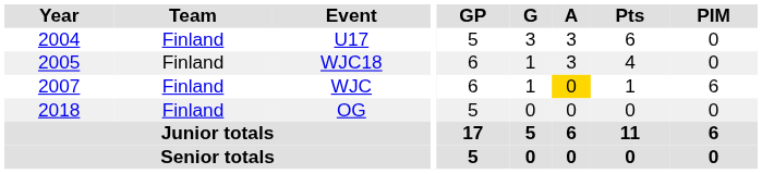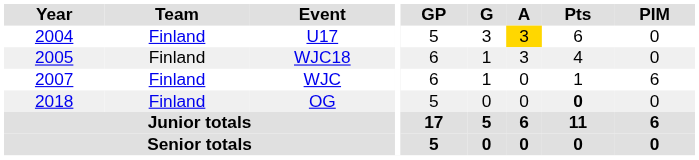 <table border="0" cellpadding="1" cellspacing="0" ID="Table3" style="text-align:center; width:40em">
 <tr ALIGN="center" bgcolor="#e0e0e0">
 <th>Year</th>
 <th>Team</th>
 <th>Event</th>
 <th rowspan="99" bgcolor="#ffffff"></th>
 <th>GP</th>
 <th>G</th>
 <th>A</th>
 <th>Pts</th>
 <th>PIM</th>
 </tr>
 <tr>
 <td><a href='#'>2004</a></td>
 <td><a href='#'>Finland</a></td>
 <td><a href='#'>U17</a></td>
 <td>5</td>
 <td>3</td>
-<td>3</td>
+<td style="background: gold;">3</td>
 <td>6</td>
 <td>0</td>
 </tr>
 <tr bgcolor="#f0f0f0">
 <td><a href='#'>2005</a></td>
 <td>Finland</td>
 <td><a href='#'>WJC18</a></td>
 <td>6</td>
 <td>1</td>
 <td>3</td>
 <td>4</td>
 <td>0</td>
 </tr>
 <tr>
 <td><a href='#'>2007</a></td>
 <td><a href='#'>Finland</a></td>
 <td><a href='#'>WJC</a></td>
 <td>6</td>
 <td>1</td>
-<td style="background: gold;">0</td>
+<td>0</td>
 <td>1</td>
 <td>6</td>
 </tr>
 <tr bgcolor="#f0f0f0">
 <td><a href='#'>2018</a></td>
 <td><a href='#'>Finland</a></td>
 <td><a href='#'>OG</a></td>
 <td>5</td>
 <td>0</td>
 <td>0</td>
-<td>0</td>
+<td><strong>0</strong></td>
 <td>0</td>
 </tr>
 <tr bgcolor="#e0e0e0">
 <th colspan="3">Junior totals</th>
 <th>17</th>
 <th>5</th>
 <th>6</th>
 <th>11</th>
 <th>6</th>
 </tr>
 <tr bgcolor="#e0e0e0">
 <th colspan="3">Senior totals</th>
 <th>5</th>
 <th>0</th>
 <th>0</th>
 <th>0</th>
 <th>0</th>
 </tr>
 </table>
